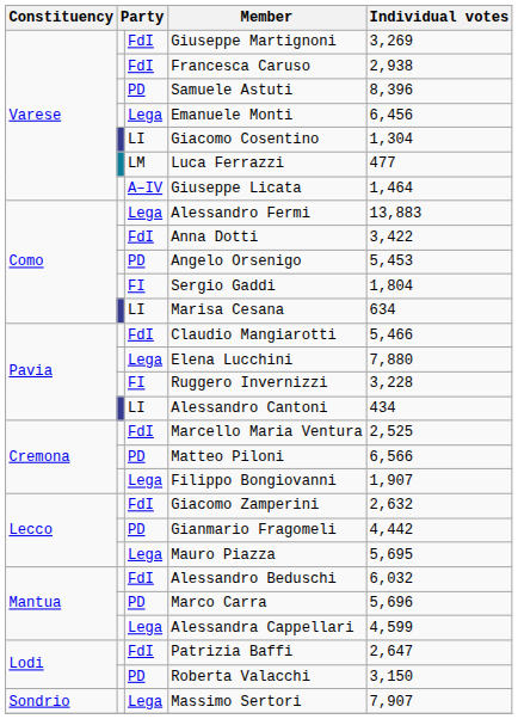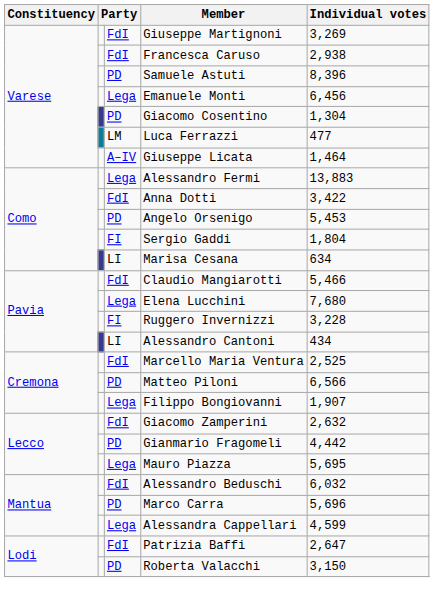 <table class="wikitable" style="font-size:90%">
 <tr>
 <th>Constituency</th>
 <th colspan=2>Party</th>
 <th>Member</th>
 <th>Individual votes</th>
 </tr>
 <tr>
 <td rowspan="7"><a href='#'>Varese</a></td>
 <td style="background:"></td>
 <td><a href='#'>FdI</a></td>
 <td>Giuseppe Martignoni</td>
 <td>3,269</td>
 </tr>
 <tr>
 <td style="background:"></td>
 <td><a href='#'>FdI</a></td>
 <td>Francesca Caruso</td>
 <td>2,938</td>
 </tr>
 <tr>
 <td style="background:"></td>
 <td><a href='#'>PD</a></td>
 <td>Samuele Astuti</td>
 <td>8,396</td>
 </tr>
 <tr>
 <td style="background:"></td>
 <td><a href='#'>Lega</a></td>
 <td>Emanuele Monti</td>
 <td>6,456</td>
 </tr>
 <tr>
 <td style="background:#363A91"></td>
-<td>LI</td>
+<td><a href='#'>PD</a></td>
 <td>Giacomo Cosentino</td>
 <td>1,304</td>
 </tr>
 <tr>
 <td style="background:#0A7D98"></td>
 <td>LM</td>
 <td>Luca Ferrazzi</td>
 <td>477</td>
 </tr>
 <tr>
 <td style="background:"></td>
 <td><a href='#'>A–IV</a></td>
 <td>Giuseppe Licata</td>
 <td>1,464</td>
 </tr>
 <tr>
 <td rowspan="5"><a href='#'>Como</a></td>
 <td style="background:"></td>
 <td><a href='#'>Lega</a></td>
 <td>Alessandro Fermi</td>
 <td>13,883</td>
 </tr>
 <tr>
 <td style="background:"></td>
 <td><a href='#'>FdI</a></td>
 <td>Anna Dotti</td>
 <td>3,422</td>
 </tr>
 <tr>
 <td style="background:"></td>
 <td><a href='#'>PD</a></td>
 <td>Angelo Orsenigo</td>
 <td>5,453</td>
 </tr>
 <tr>
 <td style="background:"></td>
 <td><a href='#'>FI</a></td>
 <td>Sergio Gaddi</td>
 <td>1,804</td>
 </tr>
 <tr>
 <td style="background:#363A91"></td>
 <td>LI</td>
 <td>Marisa Cesana</td>
 <td>634</td>
 </tr>
 <tr>
 <td rowspan="4"><a href='#'>Pavia</a></td>
 <td style="background:"></td>
 <td><a href='#'>FdI</a></td>
 <td>Claudio Mangiarotti</td>
 <td>5,466</td>
 </tr>
 <tr>
 <td style="background:"></td>
 <td><a href='#'>Lega</a></td>
 <td>Elena Lucchini</td>
-<td>7,880</td>
+<td>7,680</td>
 </tr>
 <tr>
 <td style="background:"></td>
 <td><a href='#'>FI</a></td>
 <td>Ruggero Invernizzi</td>
 <td>3,228</td>
 </tr>
 <tr>
 <td style="background:#363A91"></td>
 <td>LI</td>
 <td>Alessandro Cantoni</td>
 <td>434</td>
 </tr>
 <tr>
 <td rowspan="3"><a href='#'>Cremona</a></td>
 <td style="background:"></td>
 <td><a href='#'>FdI</a></td>
 <td>Marcello Maria Ventura</td>
 <td>2,525</td>
 </tr>
 <tr>
 <td style="background:"></td>
 <td><a href='#'>PD</a></td>
 <td>Matteo Piloni</td>
 <td>6,566</td>
 </tr>
 <tr>
 <td style="background:"></td>
 <td><a href='#'>Lega</a></td>
 <td>Filippo Bongiovanni</td>
 <td>1,907</td>
 </tr>
 <tr>
 <td rowspan="3"><a href='#'>Lecco</a></td>
 <td style="background:"></td>
 <td><a href='#'>FdI</a></td>
 <td>Giacomo Zamperini</td>
 <td>2,632</td>
 </tr>
 <tr>
 <td style="background:"></td>
 <td><a href='#'>PD</a></td>
 <td>Gianmario Fragomeli</td>
 <td>4,442</td>
 </tr>
 <tr>
 <td style="background:"></td>
 <td><a href='#'>Lega</a></td>
 <td>Mauro Piazza</td>
 <td>5,695</td>
 </tr>
 <tr>
 <td rowspan="3"><a href='#'>Mantua</a></td>
 <td style="background:"></td>
 <td><a href='#'>FdI</a></td>
 <td>Alessandro Beduschi</td>
 <td>6,032</td>
 </tr>
 <tr>
 <td style="background:"></td>
 <td><a href='#'>PD</a></td>
 <td>Marco Carra</td>
 <td>5,696</td>
 </tr>
 <tr>
 <td style="background:"></td>
 <td><a href='#'>Lega</a></td>
 <td>Alessandra Cappellari</td>
 <td>4,599</td>
 </tr>
 <tr>
 <td rowspan="2"><a href='#'>Lodi</a></td>
 <td style="background:"></td>
 <td><a href='#'>FdI</a></td>
 <td>Patrizia Baffi</td>
 <td>2,647</td>
 </tr>
 <tr>
 <td style="background:"></td>
 <td><a href='#'>PD</a></td>
 <td>Roberta Valacchi</td>
 <td>3,150</td>
 </tr>
 <tr>
-<td rowspan="1"><a href='#'>Sondrio</a></td>
-<td style="background:"></td>
-<td><a href='#'>Lega</a></td>
-<td>Massimo Sertori</td>
-<td>7,907</td>
-</tr>
-<tr>
 </tr>
 </table>
